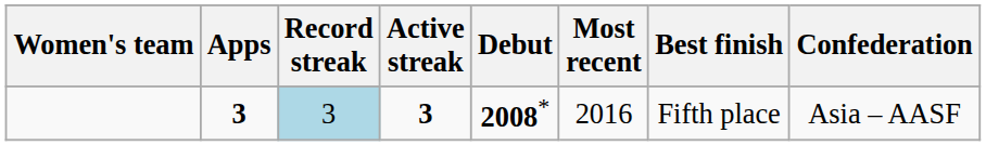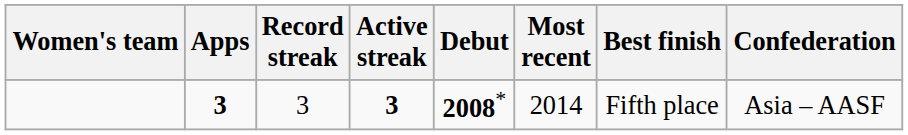 <table class="wikitable" style="text-align: center; font-size: 90%; margin-left: 1em;">
 <tr>
 <th>Women's team</th>
 <th>Apps</th>
 <th>Record<br>streak</th>
 <th>Active<br>streak</th>
 <th>Debut</th>
 <th>Most<br>recent</th>
 <th>Best finish</th>
 <th>Confederation</th>
 </tr>
 <tr>
 <td style="text-align: left;"></td>
 <td><strong>3</strong></td>
-<td style="background: lightblue;">3</td>
+<td>3</td>
 <td><strong>3</strong></td>
 <td><strong>2008</strong><sup>*</sup></td>
-<td>2016</td>
+<td>2014</td>
 <td>Fifth place</td>
 <td>Asia – AASF</td>
 </tr>
 </table>
